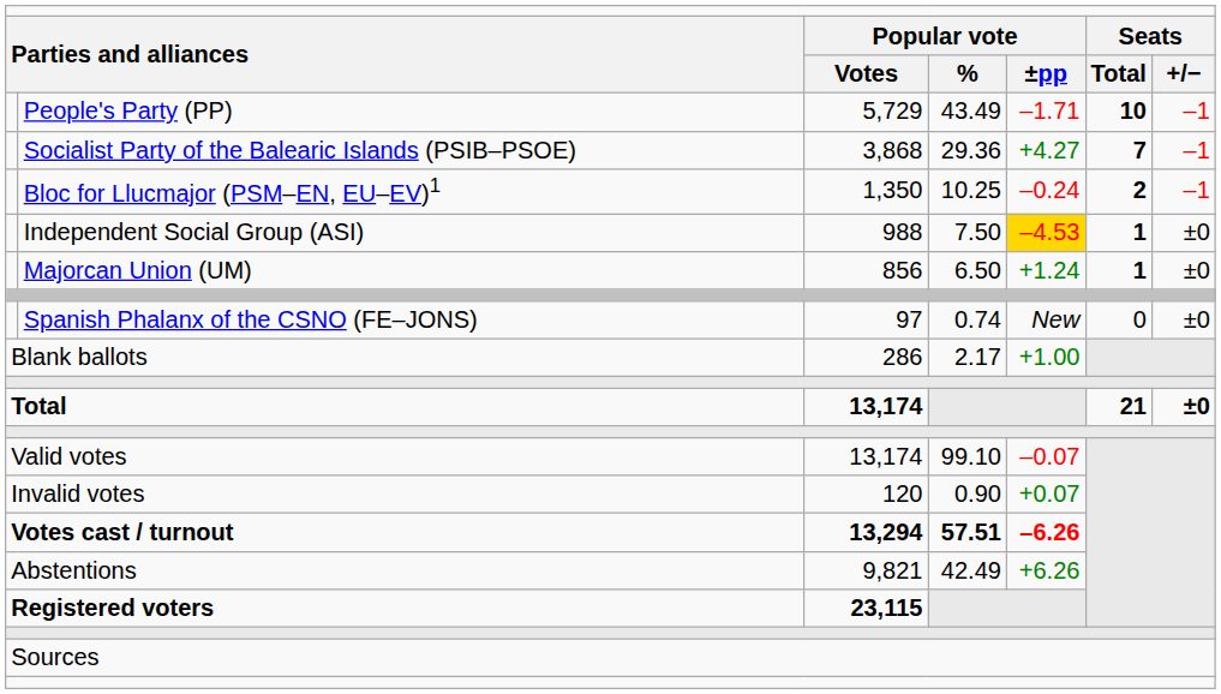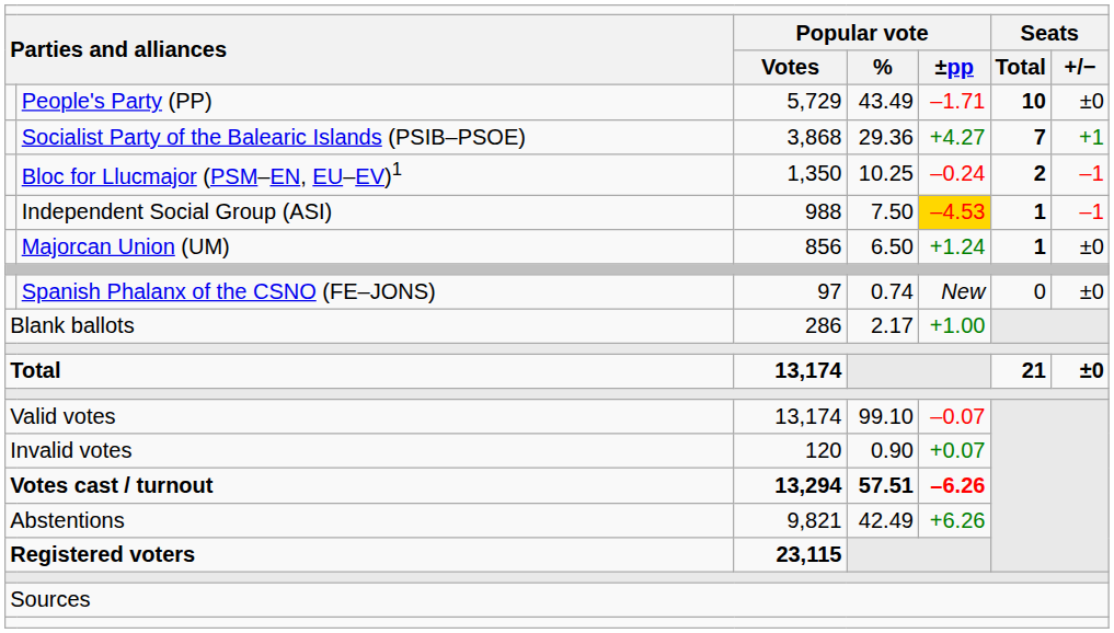 <table class="wikitable" style="text-align:right;">
 <tr>
 <td colspan="7"></td>
 </tr>
 <tr>
 <th style="text-align:left;" rowspan="2" colspan="2" width="525">Parties and alliances</th>
 <th colspan="3">Popular vote</th>
 <th colspan="2">Seats</th>
 </tr>
 <tr>
 <th width="75">Votes</th>
 <th width="45">%</th>
 <th width="45">±<a href='#'>pp</a></th>
 <th width="35">Total</th>
 <th width="35">+/−</th>
 </tr>
 <tr>
 <td width="1" style="color:inherit;background:"></td>
 <td align="left"><a href='#'>People's Party</a> (PP)</td>
 <td>5,729</td>
 <td>43.49</td>
 <td style="color:red;">–1.71</td>
 <td><strong>10</strong></td>
-<td style="color:red;">–1</td>
+<td>±0</td>
 </tr>
 <tr>
 <td style="color:inherit;background:"></td>
 <td align="left"><a href='#'>Socialist Party of the Balearic Islands</a> (PSIB–PSOE)</td>
 <td>3,868</td>
 <td>29.36</td>
 <td style="color:green;">+4.27</td>
 <td><strong>7</strong></td>
-<td style="color:red;">–1</td>
+<td style="color:green;">+1</td>
 </tr>
 <tr>
 <td style="color:inherit;background:"></td>
 <td align="left"><a href='#'>Bloc for Llucmajor</a> (<a href='#'>PSM</a>–<a href='#'>EN</a>, <a href='#'>EU</a>–<a href='#'>EV</a>)<sup>1</sup></td>
 <td>1,350</td>
 <td>10.25</td>
 <td style="color:red;">–0.24</td>
 <td><strong>2</strong></td>
 <td style="color:red;">–1</td>
 </tr>
 <tr>
 <td style="color:inherit;background:"></td>
 <td align="left">Independent Social Group (ASI)</td>
 <td>988</td>
 <td>7.50</td>
 <td style="background: gold; color:red;">–4.53</td>
 <td><strong>1</strong></td>
-<td>±0</td>
+<td style="color:red;">–1</td>
 </tr>
 <tr>
 <td style="color:inherit;background:"></td>
 <td align="left"><a href='#'>Majorcan Union</a> (UM)</td>
 <td>856</td>
 <td>6.50</td>
 <td style="color:green;">+1.24</td>
 <td><strong>1</strong></td>
 <td>±0</td>
 </tr>
 <tr>
 <td colspan="7" bgcolor="#C0C0C0"></td>
 </tr>
 <tr>
 <td style="color:inherit;background:"></td>
 <td align="left"><a href='#'>Spanish Phalanx of the CSNO</a> (FE–JONS)</td>
 <td>97</td>
 <td>0.74</td>
 <td><em>New</em></td>
 <td>0</td>
 <td>±0</td>
 </tr>
 <tr>
 <td align="left" colspan="2">Blank ballots</td>
 <td>286</td>
 <td>2.17</td>
 <td style="color:green;">+1.00</td>
 <td bgcolor="#E9E9E9" colspan="2"></td>
 </tr>
 <tr>
 <td colspan="7" bgcolor="#E9E9E9"></td>
 </tr>
 <tr style="font-weight:bold;">
 <td align="left" colspan="2">Total</td>
 <td>13,174</td>
 <td bgcolor="#E9E9E9" colspan="2"></td>
 <td>21</td>
 <td>±0</td>
 </tr>
 <tr>
 <td colspan="7" bgcolor="#E9E9E9"></td>
 </tr>
 <tr>
 <td align="left" colspan="2">Valid votes</td>
 <td>13,174</td>
 <td>99.10</td>
 <td style="color:red;">–0.07</td>
 <td bgcolor="#E9E9E9" colspan="2" rowspan="5"></td>
 </tr>
 <tr>
 <td align="left" colspan="2">Invalid votes</td>
 <td>120</td>
 <td>0.90</td>
 <td style="color:green;">+0.07</td>
 </tr>
 <tr style="font-weight:bold;">
 <td align="left" colspan="2">Votes cast / turnout</td>
 <td>13,294</td>
 <td>57.51</td>
 <td style="color:red;">–6.26</td>
 </tr>
 <tr>
 <td align="left" colspan="2">Abstentions</td>
 <td>9,821</td>
 <td>42.49</td>
 <td style="color:green;">+6.26</td>
 </tr>
 <tr style="font-weight:bold;">
 <td align="left" colspan="2">Registered voters</td>
 <td>23,115</td>
 <td bgcolor="#E9E9E9" colspan="2"></td>
 </tr>
 <tr>
 <td colspan="7" bgcolor="#E9E9E9"></td>
 </tr>
 <tr>
 <td align="left" colspan="7">Sources</td>
 </tr>
 <tr>
 <td colspan="7" style="text-align:left; max-width:790px;"></td>
 </tr>
 </table>
